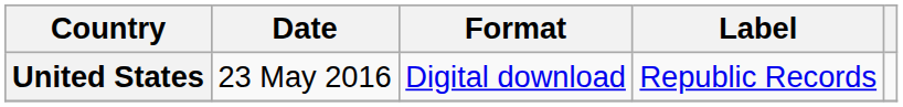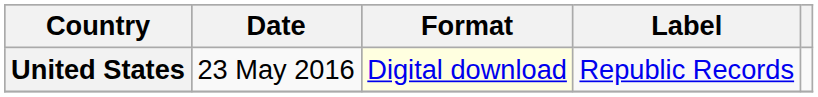 <table class="wikitable sortable plainrowheaders">
 <tr>
 <th scope="col">Country</th>
 <th scope="col">Date</th>
 <th scope="col">Format</th>
 <th scope="col">Label</th>
 <th scope="col"></th>
 </tr>
 <tr>
 <th scope="row">United States</th>
 <td>23 May 2016</td>
-<td><a href='#'>Digital download</a></td>
+<td style="background: lightyellow;"><a href='#'>Digital download</a></td>
 <td rowspan="1"><a href='#'>Republic Records</a></td>
 <td></td>
 </tr>
 <tr>
 </tr>
 </table>
